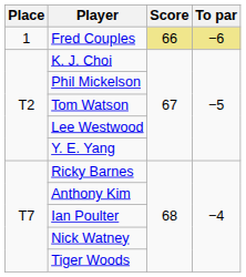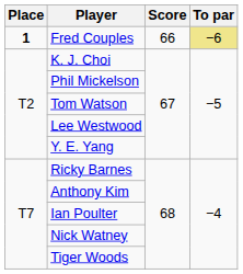 <table class="wikitable">
 <tr>
 <th>Place</th>
 <th>Player</th>
 <th>Score</th>
 <th>To par</th>
 </tr>
 <tr>
-<td rowspan="1" align=center>1</td>
+<td rowspan="1" align=center><strong>1</strong></td>
 <td> <a href='#'>Fred Couples</a></td>
-<td rowspan="1" align=center style="background: khaki;">66</td>
+<td rowspan="1" align=center>66</td>
 <td rowspan="1" align=center style="background: khaki;">−6</td>
 </tr>
 <tr>
 <td rowspan="5" align=center>T2</td>
 <td> <a href='#'>K. J. Choi</a></td>
 <td rowspan="5" align=center>67</td>
 <td rowspan="5" align=center>−5</td>
 </tr>
 <tr>
 <td> <a href='#'>Phil Mickelson</a></td>
 </tr>
 <tr>
 <td> <a href='#'>Tom Watson</a></td>
 </tr>
 <tr>
 <td> <a href='#'>Lee Westwood</a></td>
 </tr>
 <tr>
 <td> <a href='#'>Y. E. Yang</a></td>
 </tr>
 <tr>
 <td rowspan="5" align=center>T7</td>
 <td> <a href='#'>Ricky Barnes</a></td>
 <td rowspan="5" align=center>68</td>
 <td rowspan="5" align=center>−4</td>
 </tr>
 <tr>
 <td> <a href='#'>Anthony Kim</a></td>
 </tr>
 <tr>
 <td> <a href='#'>Ian Poulter</a></td>
 </tr>
 <tr>
 <td> <a href='#'>Nick Watney</a></td>
 </tr>
 <tr>
 <td> <a href='#'>Tiger Woods</a></td>
 </tr>
 </table>
